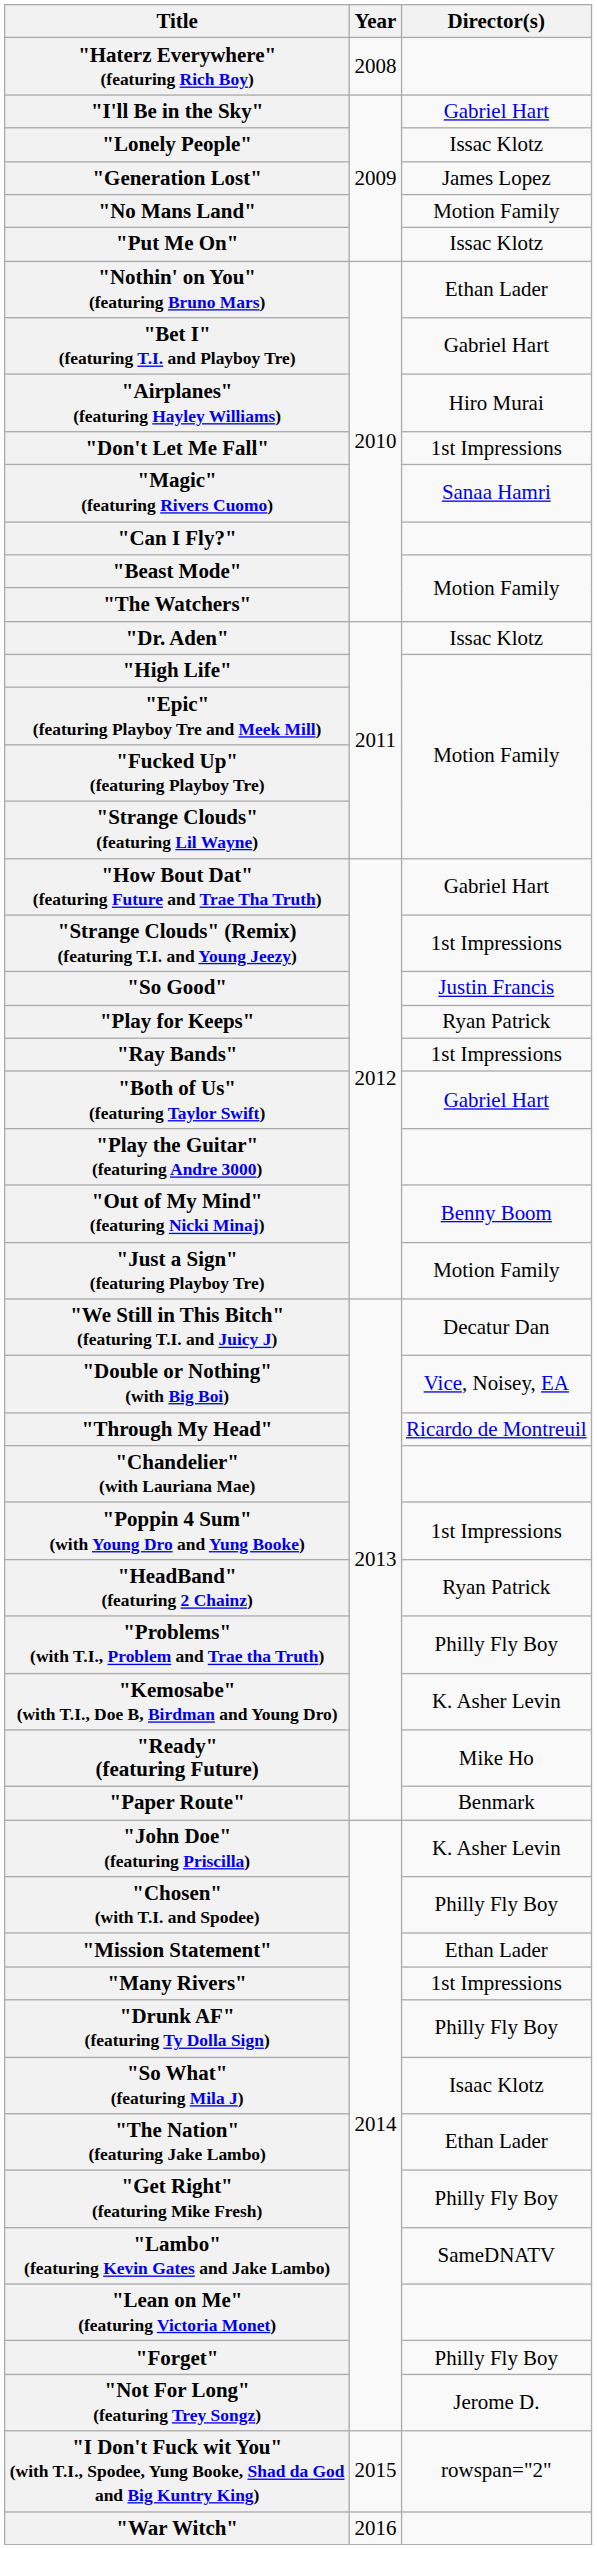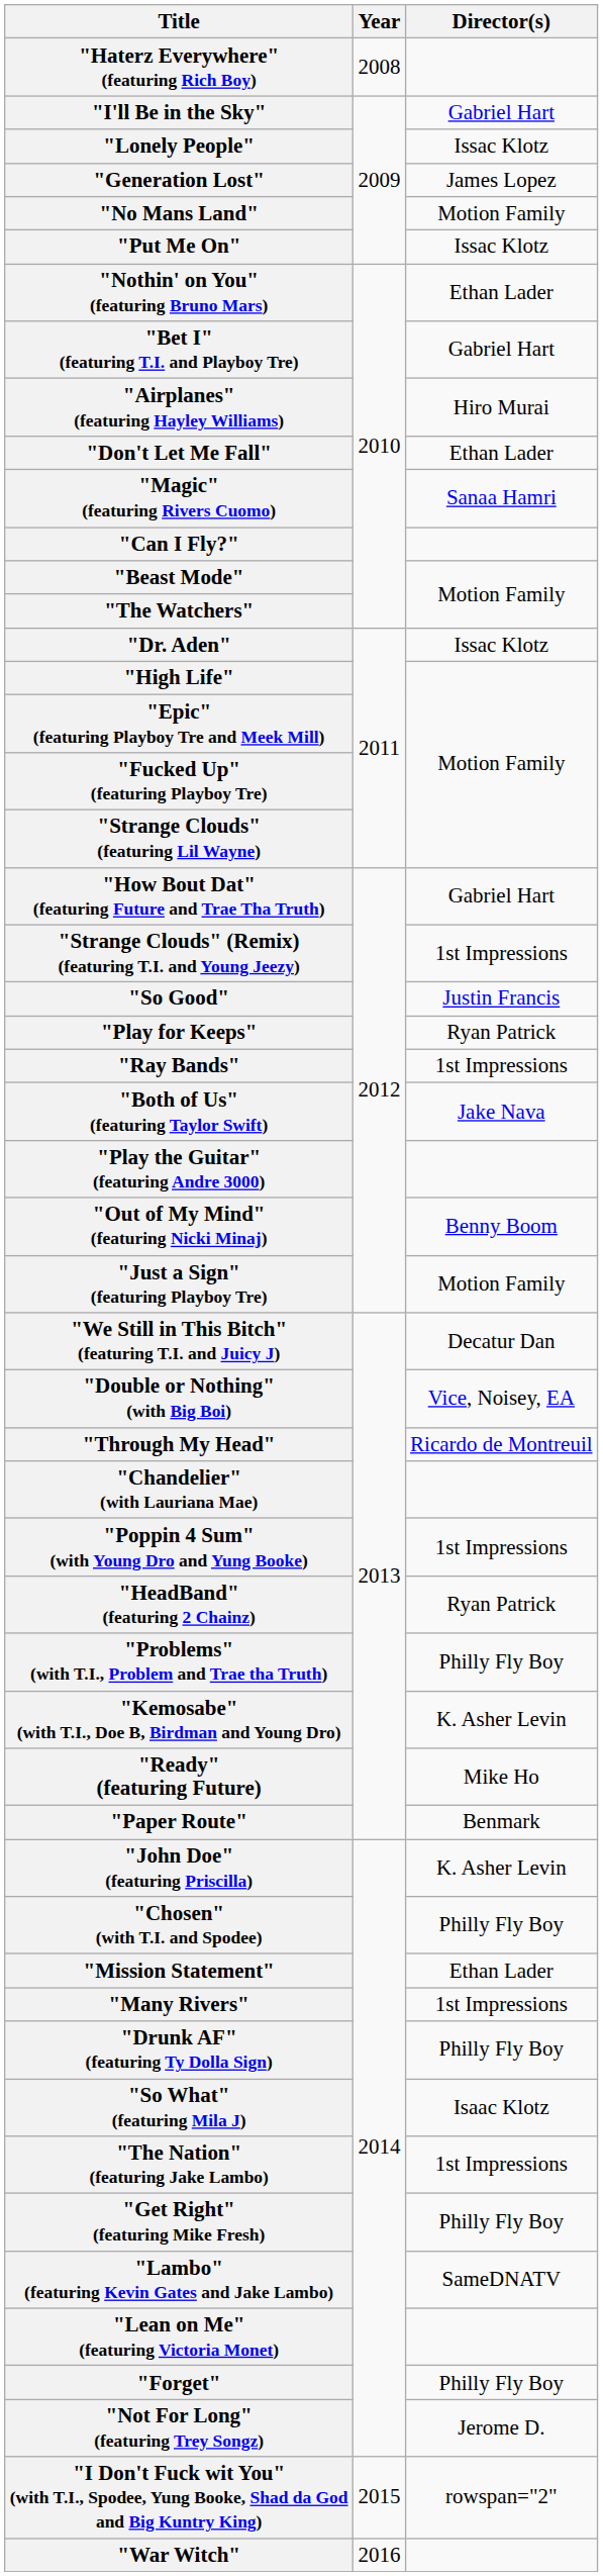 <table class="wikitable plainrowheaders" style="text-align:center;">
 <tr>
 <th scope="col" style="width:16em;">Title</th>
 <th scope="col">Year</th>
 <th scope="col">Director(s)</th>
 </tr>
 <tr>
 <th scope="row">"Haterz Everywhere"<br><small>(featuring <a href='#'>Rich Boy</a>)</small></th>
 <td>2008</td>
 <td></td>
 </tr>
 <tr>
 <th scope="row">"I'll Be in the Sky"</th>
 <td rowspan="5">2009</td>
 <td><a href='#'>Gabriel Hart</a></td>
 </tr>
 <tr>
 <th scope="row">"Lonely People"</th>
 <td>Issac Klotz</td>
 </tr>
 <tr>
 <th scope="row">"Generation Lost"</th>
 <td>James Lopez</td>
 </tr>
 <tr>
 <th scope="row">"No Mans Land"</th>
 <td>Motion Family</td>
 </tr>
 <tr>
 <th scope="row">"Put Me On"</th>
 <td>Issac Klotz</td>
 </tr>
 <tr>
 <th scope="row">"Nothin' on You"<br><small>(featuring <a href='#'>Bruno Mars</a>)</small></th>
 <td rowspan="8">2010</td>
 <td>Ethan Lader</td>
 </tr>
 <tr>
 <th scope="row">"Bet I"<br><small>(featuring <a href='#'>T.I.</a> and Playboy Tre)</small></th>
 <td>Gabriel Hart</td>
 </tr>
 <tr>
 <th scope="row">"Airplanes"<br><small>(featuring <a href='#'>Hayley Williams</a>)</small></th>
 <td>Hiro Murai</td>
 </tr>
 <tr>
 <th scope="row">"Don't Let Me Fall"</th>
-<td>1st Impressions</td>
+<td>Ethan Lader</td>
 </tr>
 <tr>
 <th scope="row">"Magic"<br><small>(featuring <a href='#'>Rivers Cuomo</a>)</small></th>
 <td><a href='#'>Sanaa Hamri</a></td>
 </tr>
 <tr>
 <th scope="row">"Can I Fly?"</th>
 <td></td>
 </tr>
 <tr>
 <th scope="row">"Beast Mode"</th>
 <td rowspan="2">Motion Family</td>
 </tr>
 <tr>
 <th scope="row">"The Watchers"</th>
 </tr>
 <tr>
 <th scope="row">"Dr. Aden"</th>
 <td rowspan="5">2011</td>
 <td>Issac Klotz</td>
 </tr>
 <tr>
 <th scope="row">"High Life"</th>
 <td rowspan="4">Motion Family</td>
 </tr>
 <tr>
 <th scope="row">"Epic"<br><small>(featuring Playboy Tre and <a href='#'>Meek Mill</a>)</small></th>
 </tr>
 <tr>
 <th scope="row">"Fucked Up"<br><small>(featuring Playboy Tre)</small></th>
 </tr>
 <tr>
 <th scope="row">"Strange Clouds"<br><small>(featuring <a href='#'>Lil Wayne</a>)</small></th>
 </tr>
 <tr>
 <th scope="row">"How Bout Dat"<br><small>(featuring <a href='#'>Future</a> and <a href='#'>Trae Tha Truth</a>)</small></th>
 <td rowspan="9">2012</td>
 <td>Gabriel Hart</td>
 </tr>
 <tr>
 <th scope="row">"Strange Clouds" (Remix)<br><small>(featuring T.I. and <a href='#'>Young Jeezy</a>)</small></th>
 <td>1st Impressions</td>
 </tr>
 <tr>
 <th scope="row">"So Good"</th>
 <td><a href='#'>Justin Francis</a></td>
 </tr>
 <tr>
 <th scope="row">"Play for Keeps"</th>
 <td>Ryan Patrick</td>
 </tr>
 <tr>
 <th scope="row">"Ray Bands"</th>
 <td>1st Impressions</td>
 </tr>
 <tr>
 <th scope="row">"Both of Us"<br><small>(featuring <a href='#'>Taylor Swift</a>)</small></th>
-<td><a href='#'>Gabriel Hart</a></td>
+<td><a href='#'>Jake Nava</a></td>
 </tr>
 <tr>
 <th scope="row">"Play the Guitar"<br><small>(featuring <a href='#'>Andre 3000</a>)</small></th>
 <td></td>
 </tr>
 <tr>
 <th scope="row">"Out of My Mind"<br><small>(featuring <a href='#'>Nicki Minaj</a>)</small></th>
 <td><a href='#'>Benny Boom</a></td>
 </tr>
 <tr>
 <th scope="row">"Just a Sign"<br><small>(featuring Playboy Tre)</small></th>
 <td>Motion Family</td>
 </tr>
 <tr>
 <th scope="row">"We Still in This Bitch"<br><small>(featuring T.I. and <a href='#'>Juicy J</a>)</small></th>
 <td rowspan="10">2013</td>
 <td>Decatur Dan</td>
 </tr>
 <tr>
 <th scope="row">"Double or Nothing"<br><small>(with <a href='#'>Big Boi</a>)</small></th>
 <td><a href='#'>Vice</a>, Noisey, <a href='#'>EA</a></td>
 </tr>
 <tr>
 <th scope="row">"Through My Head"</th>
 <td><a href='#'>Ricardo de Montreuil</a></td>
 </tr>
 <tr>
 <th scope="row">"Chandelier"<br><small>(with Lauriana Mae)</small></th>
 <td></td>
 </tr>
 <tr>
 <th scope="row">"Poppin 4 Sum"<br><small>(with <a href='#'>Young Dro</a> and <a href='#'>Yung Booke</a>)</small></th>
 <td>1st Impressions</td>
 </tr>
 <tr>
 <th scope="row">"HeadBand"<br><small>(featuring <a href='#'>2 Chainz</a>)</small></th>
 <td>Ryan Patrick</td>
 </tr>
 <tr>
 <th scope="row">"Problems"<br><small>(with T.I., <a href='#'>Problem</a> and <a href='#'>Trae tha Truth</a>)</small></th>
 <td>Philly Fly Boy</td>
 </tr>
 <tr>
 <th scope="row">"Kemosabe"<br><small>(with T.I., Doe B, <a href='#'>Birdman</a> and Young Dro)</small></th>
 <td>K. Asher Levin</td>
 </tr>
 <tr>
 <th scope="row">"Ready"<br><span>(featuring Future)</span></th>
 <td>Mike Ho</td>
 </tr>
 <tr>
 <th scope="row">"Paper Route"</th>
 <td>Benmark</td>
 </tr>
 <tr>
 <th scope="row">"John Doe"<br><small>(featuring <a href='#'>Priscilla</a>)</small></th>
 <td rowspan="12">2014</td>
 <td>K. Asher Levin</td>
 </tr>
 <tr>
 <th scope="row">"Chosen"<br><small>(with T.I. and Spodee)</small></th>
 <td>Philly Fly Boy</td>
 </tr>
 <tr>
 <th scope="row">"Mission Statement"</th>
 <td>Ethan Lader</td>
 </tr>
 <tr>
 <th scope="row">"Many Rivers"</th>
 <td>1st Impressions</td>
 </tr>
 <tr>
 <th scope="row">"Drunk AF"<br><small>(featuring <a href='#'>Ty Dolla Sign</a>)</small></th>
 <td>Philly Fly Boy</td>
 </tr>
 <tr>
 <th scope="row">"So What"<br><small>(featuring <a href='#'>Mila J</a>)</small></th>
 <td>Isaac Klotz</td>
 </tr>
 <tr>
 <th scope="row">"The Nation"<br><small>(featuring Jake Lambo)</small></th>
-<td>Ethan Lader</td>
+<td>1st Impressions</td>
 </tr>
 <tr>
 <th scope="row">"Get Right"<br><small>(featuring Mike Fresh)</small></th>
 <td>Philly Fly Boy</td>
 </tr>
 <tr>
 <th scope="row">"Lambo"<br><small>(featuring <a href='#'>Kevin Gates</a> and Jake Lambo)</small></th>
 <td>SameDNATV</td>
 </tr>
 <tr>
 <th scope="row">"Lean on Me"<br><small>(featuring <a href='#'>Victoria Monet</a>)</small></th>
 <td></td>
 </tr>
 <tr>
 <th scope="row">"Forget"</th>
 <td>Philly Fly Boy</td>
 </tr>
 <tr>
 <th scope="row">"Not For Long"<br><small>(featuring <a href='#'>Trey Songz</a>)</small></th>
 <td>Jerome D.</td>
 </tr>
 <tr>
 <th scope="row">"I Don't Fuck wit You"<br><small>(with T.I., Spodee, Yung Booke, <a href='#'>Shad da God</a> and <a href='#'>Big Kuntry King</a>)</small></th>
 <td>2015</td>
 <td>rowspan="2" </td>
 </tr>
 <tr>
 <th scope="row">"War Witch"</th>
 <td>2016</td>
 </tr>
 </table>
